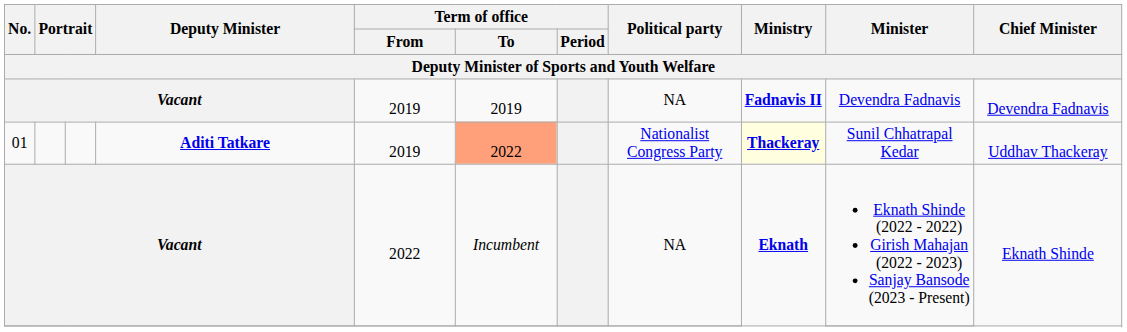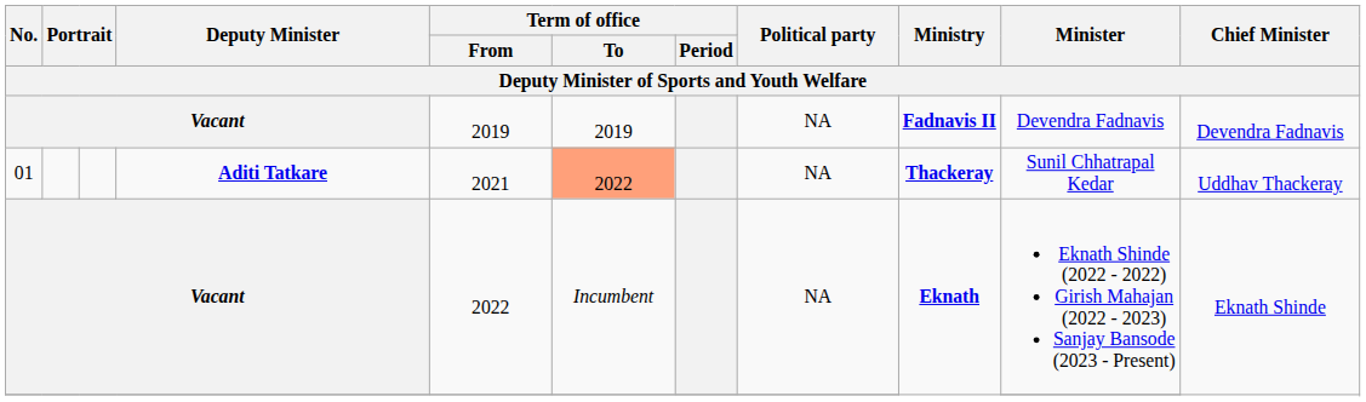 <table class="wikitable" style="text-align:center">
 <tr>
 <th rowspan="2">No.</th>
 <th rowspan="2" colspan="2">Portrait</th>
 <th rowspan="2" style="width:16em">Deputy Minister<br></th>
 <th colspan="3">Term of office</th>
 <th rowspan="2" style="width:8em">Political party</th>
 <th rowspan="2">Ministry</th>
 <th rowspan="2" style="width:9em">Minister</th>
 <th rowspan="2" style="width:9em">Chief Minister</th>
 </tr>
 <tr>
 <th style="width:6em">From</th>
 <th style="width:6em">To</th>
 <th>Period</th>
 </tr>
 <tr>
 <th colspan="11">Deputy Minister of Sports and Youth Welfare</th>
 </tr>
 <tr>
 <th colspan="04"><strong><em>Vacant</em></strong></th>
 <td><br>2019</td>
 <td><br>2019</td>
 <th></th>
 <td>NA</td>
 <td rowspan="1"><a href='#'><strong>Fadnavis II</strong></a></td>
 <td><a href='#'>Devendra Fadnavis</a></td>
 <td rowspan="1"> <br><a href='#'>Devendra Fadnavis</a></td>
 </tr>
 <tr>
 <td>01</td>
 <td style="color:inherit;background:"></td>
 <td></td>
 <td><strong><a href='#'>Aditi Tatkare</a></strong> <br> </td>
-<td><br>2019</td>
+<td><br>2021</td>
 <td style="background: lightsalmon;"><br>2022</td>
 <th></th>
-<td><a href='#'>Nationalist Congress Party</a></td>
-<td rowspan="1" style="background: lightyellow;"><a href='#'><strong>Thackeray</strong></a></td>
+<td>NA</td>
+<td rowspan="1"><a href='#'><strong>Thackeray</strong></a></td>
 <td><a href='#'>Sunil Chhatrapal Kedar</a></td>
 <td rowspan="1"> <br><a href='#'>Uddhav Thackeray</a></td>
 </tr>
 <tr>
 <th colspan="04"><strong><em>Vacant </em></strong></th>
 <td><br>2022</td>
 <td><em>Incumbent</em></td>
 <th></th>
 <td>NA</td>
 <td rowspan="2"><a href='#'><strong>Eknath</strong></a></td>
 <td><br><ul><li><a href='#'>Eknath Shinde</a><br>(2022 - 2022)</li><li><a href='#'>Girish Mahajan</a><br> (2022 - 2023)</li><li><a href='#'>Sanjay Bansode</a><br> (2023 - Present)</li></ul></td>
 <td rowspan="2"> <br><a href='#'>Eknath Shinde</a></td>
 </tr>
 <tr>
 </tr>
 </table>
